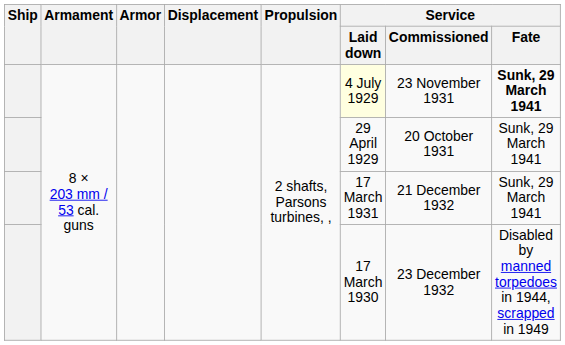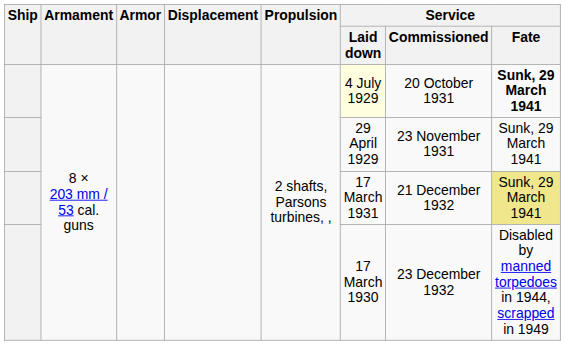 <table class="wikitable plainrowheaders" style="text-align: center;">
 <tr valign="top">
 <th scope="col" rowspan="2">Ship</th>
 <th scope="col" rowspan="2">Armament</th>
 <th scope="col" rowspan="2">Armor</th>
 <th scope="col" rowspan="2">Displacement</th>
 <th scope="col" rowspan="2">Propulsion</th>
 <th scope="col" colspan="3">Service</th>
 </tr>
 <tr valign="top">
 <th scope="col">Laid down</th>
 <th scope="col">Commissioned</th>
 <th scope="col">Fate</th>
 </tr>
 <tr valign="center">
 <th scope="row"></th>
 <td rowspan="4">8 × <a href='#'>203 mm / 53</a> cal. guns</td>
 <td rowspan="4"></td>
 <td rowspan="4"></td>
 <td rowspan="4">2 shafts, Parsons turbines, , </td>
 <td style="background: lightyellow;">4 July 1929</td>
-<td>23 November 1931</td>
+<td>20 October 1931</td>
 <td><strong>Sunk, 29 March 1941</strong></td>
 </tr>
 <tr valign="center">
 <th scope="row"></th>
 <td>29 April 1929</td>
-<td>20 October 1931</td>
+<td>23 November 1931</td>
 <td>Sunk, 29 March 1941</td>
 </tr>
 <tr valign="center">
 <th scope="row"></th>
 <td>17 March 1931</td>
 <td>21 December 1932</td>
-<td>Sunk, 29 March 1941</td>
+<td style="background: khaki;">Sunk, 29 March 1941</td>
 </tr>
 <tr valign="center">
 <th scope="row"></th>
 <td>17 March 1930</td>
 <td>23 December 1932</td>
 <td>Disabled by <a href='#'>manned torpedoes</a> in 1944, <a href='#'>scrapped</a> in 1949</td>
 </tr>
 </table>
